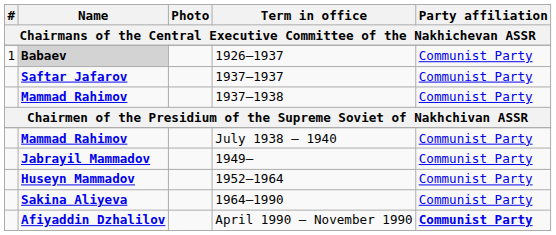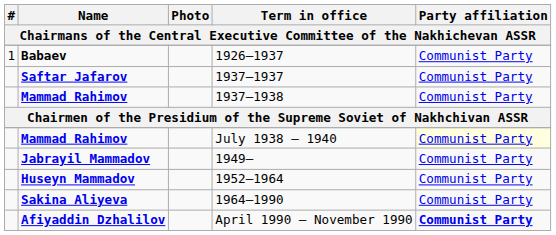 <table class=wikitable align="center">
 <tr>
 <th>#</th>
 <th>Name</th>
 <th>Photo</th>
 <th>Term in office</th>
 <th>Party affiliation</th>
 </tr>
 <tr>
 <th colspan=8>Chairmans of the Central Executive Committee of the Nakhichevan ASSR</th>
 </tr>
 <tr>
 </tr>
 <tr>
 <td>1</td>
-<td style="background: lightgrey;"><strong>Babaev</strong></td>
+<td><strong>Babaev</strong></td>
 <td></td>
 <td>1926–1937</td>
 <td><a href='#'>Communist Party</a></td>
 </tr>
 <tr>
 <td></td>
 <td><strong><a href='#'>Saftar Jafarov</a></strong></td>
 <td></td>
 <td>1937–1937</td>
 <td><a href='#'>Communist Party</a></td>
 </tr>
 <tr>
 <td></td>
 <td><strong><a href='#'>Mammad Rahimov</a></strong></td>
 <td></td>
 <td>1937–1938</td>
 <td><a href='#'>Communist Party</a></td>
 </tr>
 <tr>
 <th colspan=8>Chairmen of the Presidium of the Supreme Soviet of Nakhchivan ASSR</th>
 </tr>
 <tr>
 </tr>
 <tr>
 <td></td>
 <td><strong><a href='#'>Mammad Rahimov</a></strong></td>
 <td></td>
 <td>July 1938 – 1940</td>
-<td><a href='#'>Communist Party</a></td>
+<td style="background: lightyellow;"><a href='#'>Communist Party</a></td>
 </tr>
 <tr>
 <td></td>
 <td><strong><a href='#'>Jabrayil Mammadov</a></strong></td>
 <td></td>
 <td>1949–</td>
 <td><a href='#'>Communist Party</a></td>
 </tr>
 <tr>
 <td></td>
 <td><strong><a href='#'>Huseyn Mammadov</a></strong></td>
 <td></td>
 <td>1952–1964</td>
 <td><a href='#'>Communist Party</a></td>
 </tr>
 <tr>
 <td></td>
 <td><strong><a href='#'>Sakina Aliyeva</a></strong></td>
 <td></td>
 <td>1964–1990</td>
 <td><a href='#'>Communist Party</a></td>
 </tr>
 <tr>
 <td></td>
 <td><strong><a href='#'>Afiyaddin Dzhalilov</a></strong></td>
 <td></td>
 <td>April 1990 – November 1990</td>
 <td><strong><a href='#'>Communist Party</a></strong></td>
 </tr>
 </table>
